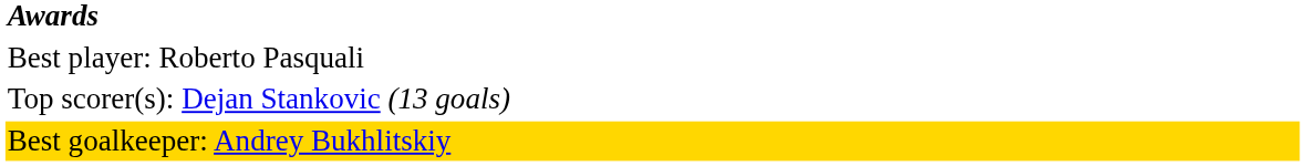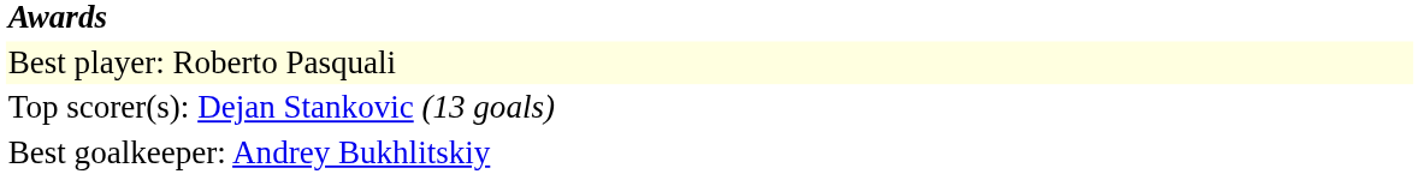 <table width=100% cellspacing=1 style="font-size: 90%;">
 <tr>
 <td><strong><em>Awards</em></strong></td>
 </tr>
 <tr>
-<td>Best player:  Roberto Pasquali</td>
+<td style="background: lightyellow;">Best player:  Roberto Pasquali</td>
 </tr>
 <tr>
 <td colspan=4>Top scorer(s):  <a href='#'>Dejan Stankovic</a> <em>(13 goals)</em></td>
 </tr>
 <tr>
-<td style="background: gold;">Best goalkeeper:  <a href='#'>Andrey Bukhlitskiy</a></td>
+<td>Best goalkeeper:  <a href='#'>Andrey Bukhlitskiy</a></td>
 </tr>
 </table>
